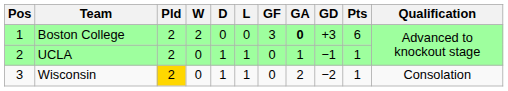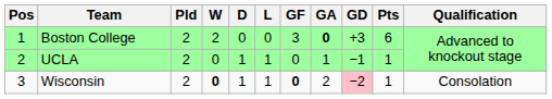 <table class="wikitable" style="text-align:center; margin: 1em auto">
 <tr>
 <th style=width:2em>Pos</th>
 <th style=width:13em>Team</th>
 <th style=width:2em>Pld</th>
 <th style=width:2em>W</th>
 <th style=width:2em>D</th>
 <th style=width:2em>L</th>
 <th style=width:2em>GF</th>
 <th style=width:2em>GA</th>
 <th style=width:2em>GD</th>
 <th style=width:2em>Pts</th>
 <th style=width:13em>Qualification</th>
 </tr>
 <tr bgcolor="#9eff9e">
 <td>1</td>
 <td style="text-align:left">Boston College</td>
 <td>2</td>
 <td>2</td>
 <td>0</td>
 <td>0</td>
 <td>3</td>
 <td><strong>0</strong></td>
 <td>+3</td>
 <td>6</td>
 <td rowspan="2">Advanced to knockout stage</td>
 </tr>
 <tr bgcolor="#9eff9e">
 <td>2</td>
 <td style="text-align:left">UCLA</td>
 <td>2</td>
 <td>0</td>
 <td>1</td>
 <td>1</td>
 <td>0</td>
 <td>1</td>
 <td>−1</td>
 <td>1</td>
 </tr>
 <tr>
 <td>3</td>
 <td style="text-align:left">Wisconsin</td>
-<td style="background: gold;">2</td>
-<td>0</td>
+<td>2</td>
+<td><strong>0</strong></td>
 <td>1</td>
 <td>1</td>
-<td>0</td>
+<td><strong>0</strong></td>
 <td>2</td>
-<td>−2</td>
+<td style="background: pink;">−2</td>
 <td>1</td>
 <td>Consolation</td>
 </tr>
 </table>
